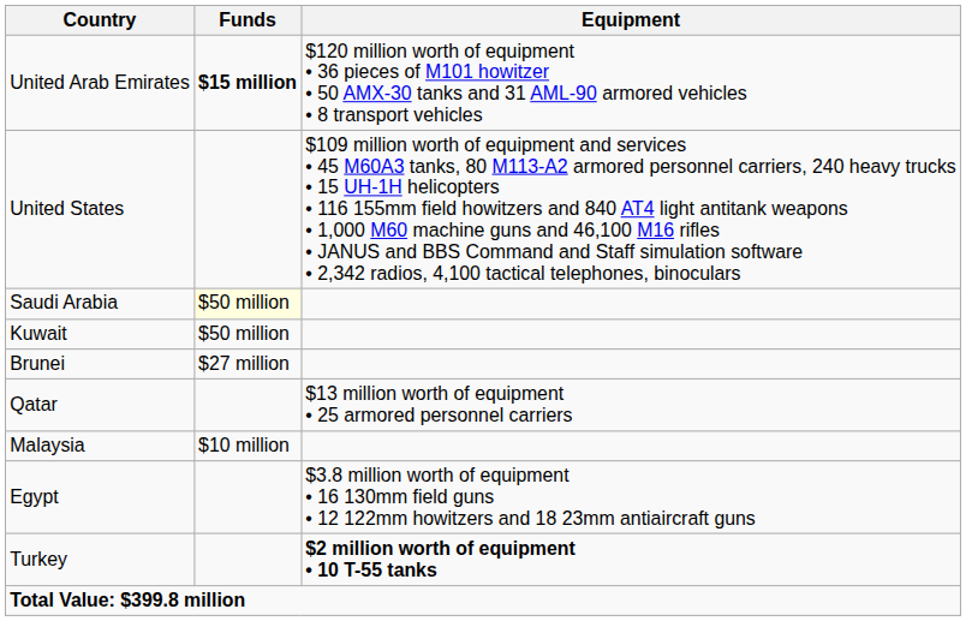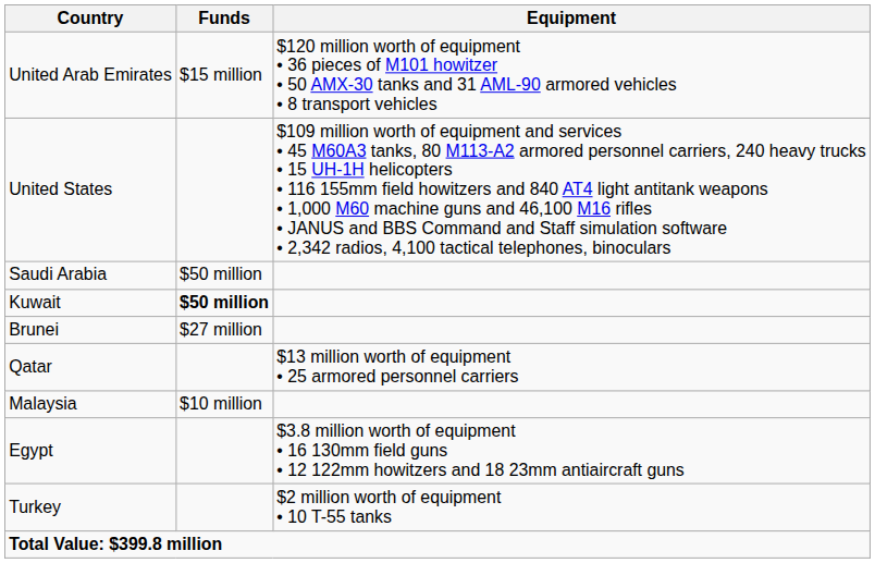 <table class="wikitable">
 <tr>
 <th>Country</th>
 <th>Funds</th>
 <th>Equipment</th>
 </tr>
 <tr>
 <td>United Arab Emirates</td>
-<td><strong>$15 million</strong></td>
+<td>$15 million</td>
 <td>$120 million worth of equipment<br>• 36 pieces of <a href='#'>M101 howitzer</a><br>• 50 <a href='#'>AMX-30</a> tanks and 31 <a href='#'>AML-90</a> armored vehicles<br>• 8 transport vehicles</td>
 </tr>
 <tr>
 <td>United States</td>
 <td></td>
 <td>$109 million worth of equipment and services<br>• 45 <a href='#'>M60A3</a> tanks, 80 <a href='#'>M113-A2</a> armored personnel carriers, 240 heavy trucks<br>• 15 <a href='#'>UH-1H</a> helicopters<br>• 116 155mm field howitzers and 840 <a href='#'>AT4</a> light antitank weapons<br>• 1,000 <a href='#'>M60</a> machine guns and 46,100 <a href='#'>M16</a> rifles<br>• JANUS and BBS Command and Staff simulation software<br>• 2,342 radios, 4,100 tactical telephones, binoculars</td>
 </tr>
 <tr>
 <td>Saudi Arabia</td>
-<td style="background: lightyellow;">$50 million</td>
+<td>$50 million</td>
 <td></td>
 </tr>
 <tr>
 <td>Kuwait</td>
-<td>$50 million</td>
+<td><strong>$50 million</strong></td>
 <td></td>
 </tr>
 <tr>
 <td>Brunei</td>
 <td>$27 million</td>
 <td></td>
 </tr>
 <tr>
 <td>Qatar</td>
 <td></td>
 <td>$13 million worth of equipment<br>• 25 armored personnel carriers</td>
 </tr>
 <tr>
 <td>Malaysia</td>
 <td>$10 million</td>
 <td></td>
 </tr>
 <tr>
 <td>Egypt</td>
 <td></td>
 <td>$3.8 million worth of equipment<br>• 16 130mm field guns<br>• 12 122mm howitzers and 18 23mm antiaircraft guns</td>
 </tr>
 <tr>
 <td>Turkey</td>
 <td></td>
-<td><strong>$2 million worth of equipment<br>• 10 T-55 tanks</strong></td>
+<td>$2 million worth of equipment<br>• 10 T-55 tanks</td>
 </tr>
 <tr>
 <td colspan="3"><strong>Total Value: $399.8 million</strong></td>
 </tr>
 </table>
